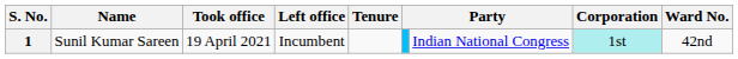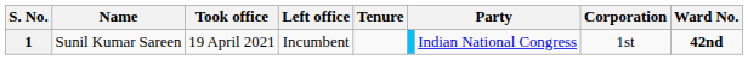 <table class="wikitable" style="text-align:center">
 <tr>
 <th>S. No.</th>
 <th>Name</th>
 <th>Took office</th>
 <th>Left office</th>
 <th>Tenure</th>
 <th colspan=2>Party</th>
 <th>Corporation</th>
 <th>Ward No.</th>
 </tr>
 <tr>
 <th>1</th>
 <td>Sunil Kumar Sareen</td>
 <td>19 April 2021</td>
 <td>Incumbent</td>
 <td></td>
 <td bgcolor=#00BFFF></td>
 <td><a href='#'>Indian National Congress</a></td>
-<td style="background: paleturquoise;">1st</td>
-<td>42nd</td>
+<td>1st</td>
+<td><strong>42nd</strong></td>
 </tr>
 </table>
